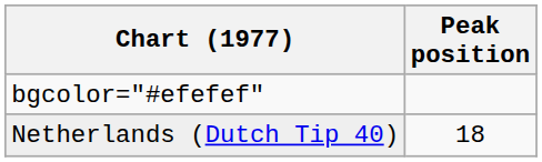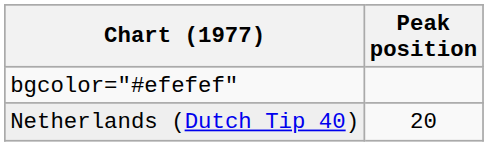 <table class="wikitable sortable plainrowheaders">
 <tr>
 <th>Chart (1977)</th>
 <th>Peak<br>position</th>
 </tr>
 <tr>
 <td>bgcolor="#efefef" </td>
 </tr>
 <tr>
 <td bgcolor="#efefef">Netherlands (<a href='#'>Dutch Tip 40</a>)</td>
-<td align="center">18</td>
+<td align="center">20</td>
 </tr>
 </table>
